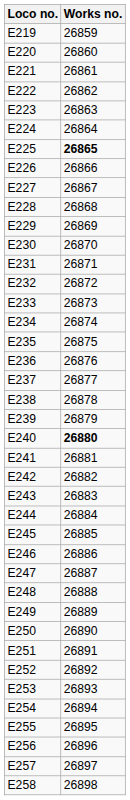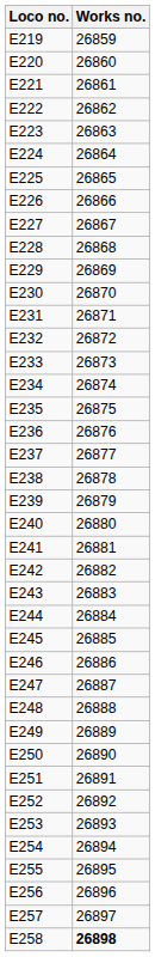 <table class="wikitable collapsible collapsed sortable" style="margin:0.5em auto; font-size:100%;">
 <tr>
 <th>Loco no.</th>
 <th>Works no.</th>
 </tr>
 <tr>
 <td>E219</td>
 <td>26859</td>
 </tr>
 <tr>
 <td>E220</td>
 <td>26860</td>
 </tr>
 <tr>
 <td>E221</td>
 <td>26861</td>
 </tr>
 <tr>
 <td>E222</td>
 <td>26862</td>
 </tr>
 <tr>
 <td>E223</td>
 <td>26863</td>
 </tr>
 <tr>
 <td>E224</td>
 <td>26864</td>
 </tr>
 <tr>
 <td>E225</td>
-<td><strong>26865</strong></td>
+<td>26865</td>
 </tr>
 <tr>
 <td>E226</td>
 <td>26866</td>
 </tr>
 <tr>
 <td>E227</td>
 <td>26867</td>
 </tr>
 <tr>
 <td>E228</td>
 <td>26868</td>
 </tr>
 <tr>
 <td>E229</td>
 <td>26869</td>
 </tr>
 <tr>
 <td>E230</td>
 <td>26870</td>
 </tr>
 <tr>
 <td>E231</td>
 <td>26871</td>
 </tr>
 <tr>
 <td>E232</td>
 <td>26872</td>
 </tr>
 <tr>
 <td>E233</td>
 <td>26873</td>
 </tr>
 <tr>
 <td>E234</td>
 <td>26874</td>
 </tr>
 <tr>
 <td>E235</td>
 <td>26875</td>
 </tr>
 <tr>
 <td>E236</td>
 <td>26876</td>
 </tr>
 <tr>
 <td>E237</td>
 <td>26877</td>
 </tr>
 <tr>
 <td>E238</td>
 <td>26878</td>
 </tr>
 <tr>
 <td>E239</td>
 <td>26879</td>
 </tr>
 <tr>
 <td>E240</td>
-<td><strong>26880</strong></td>
+<td>26880</td>
 </tr>
 <tr>
 <td>E241</td>
 <td>26881</td>
 </tr>
 <tr>
 <td>E242</td>
 <td>26882</td>
 </tr>
 <tr>
 <td>E243</td>
 <td>26883</td>
 </tr>
 <tr>
 <td>E244</td>
 <td>26884</td>
 </tr>
 <tr>
 <td>E245</td>
 <td>26885</td>
 </tr>
 <tr>
 <td>E246</td>
 <td>26886</td>
 </tr>
 <tr>
 <td>E247</td>
 <td>26887</td>
 </tr>
 <tr>
 <td>E248</td>
 <td>26888</td>
 </tr>
 <tr>
 <td>E249</td>
 <td>26889</td>
 </tr>
 <tr>
 <td>E250</td>
 <td>26890</td>
 </tr>
 <tr>
 <td>E251</td>
 <td>26891</td>
 </tr>
 <tr>
 <td>E252</td>
 <td>26892</td>
 </tr>
 <tr>
 <td>E253</td>
 <td>26893</td>
 </tr>
 <tr>
 <td>E254</td>
 <td>26894</td>
 </tr>
 <tr>
 <td>E255</td>
 <td>26895</td>
 </tr>
 <tr>
 <td>E256</td>
 <td>26896</td>
 </tr>
 <tr>
 <td>E257</td>
 <td>26897</td>
 </tr>
 <tr>
 <td>E258</td>
-<td>26898</td>
+<td><strong>26898</strong></td>
 </tr>
 </table>
